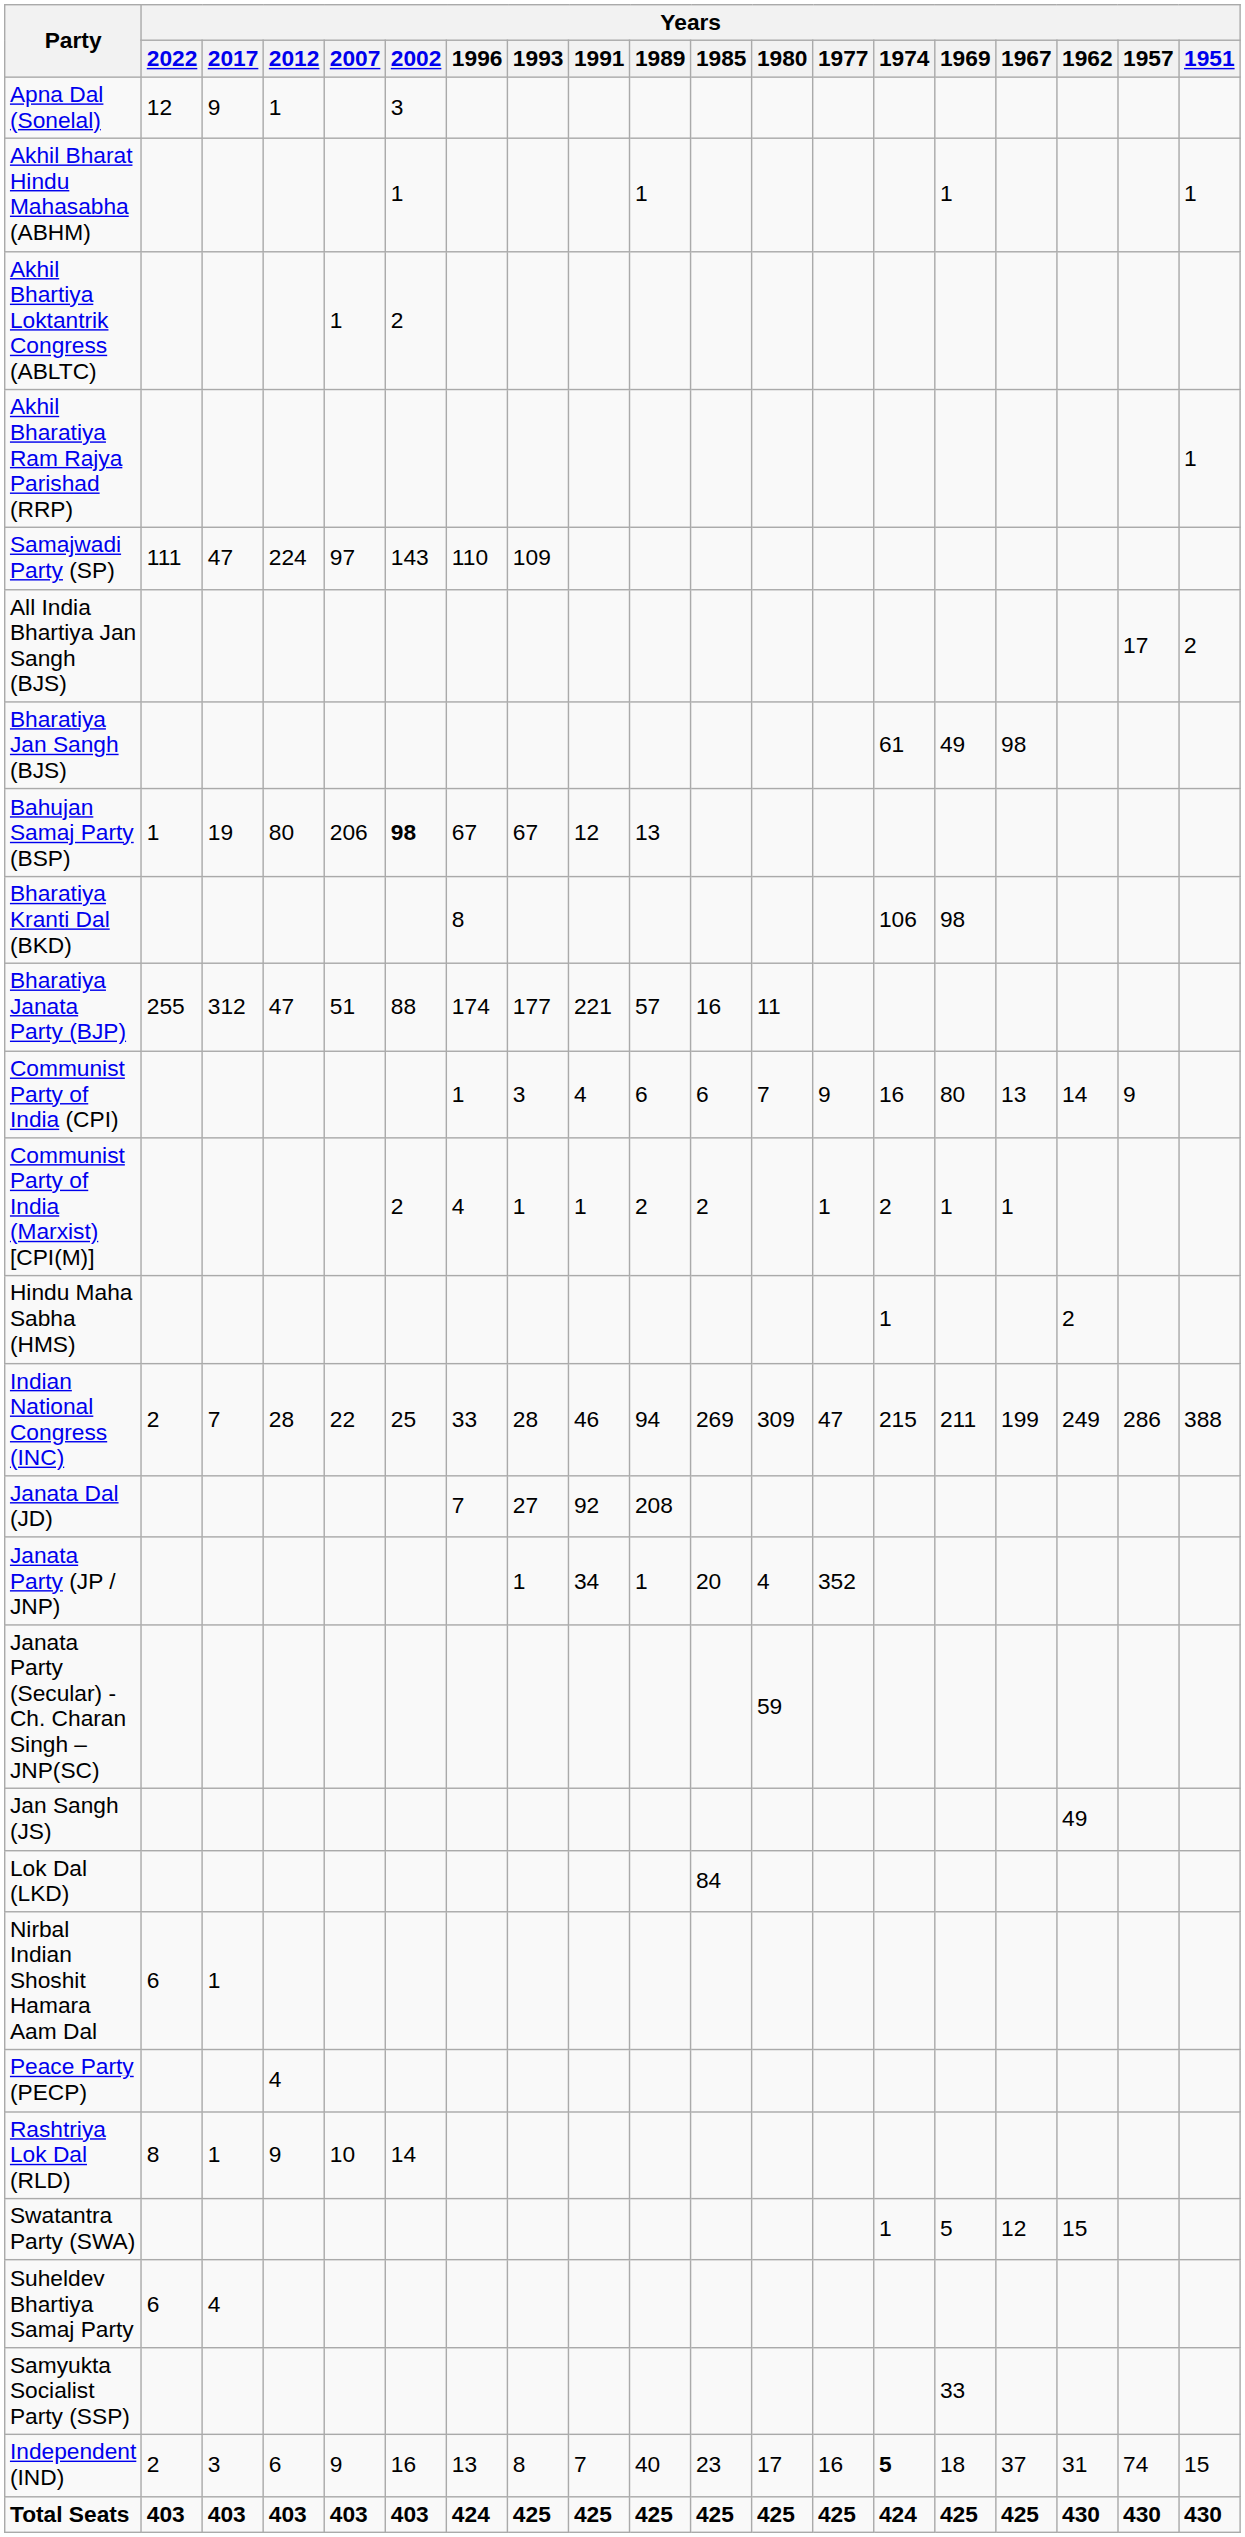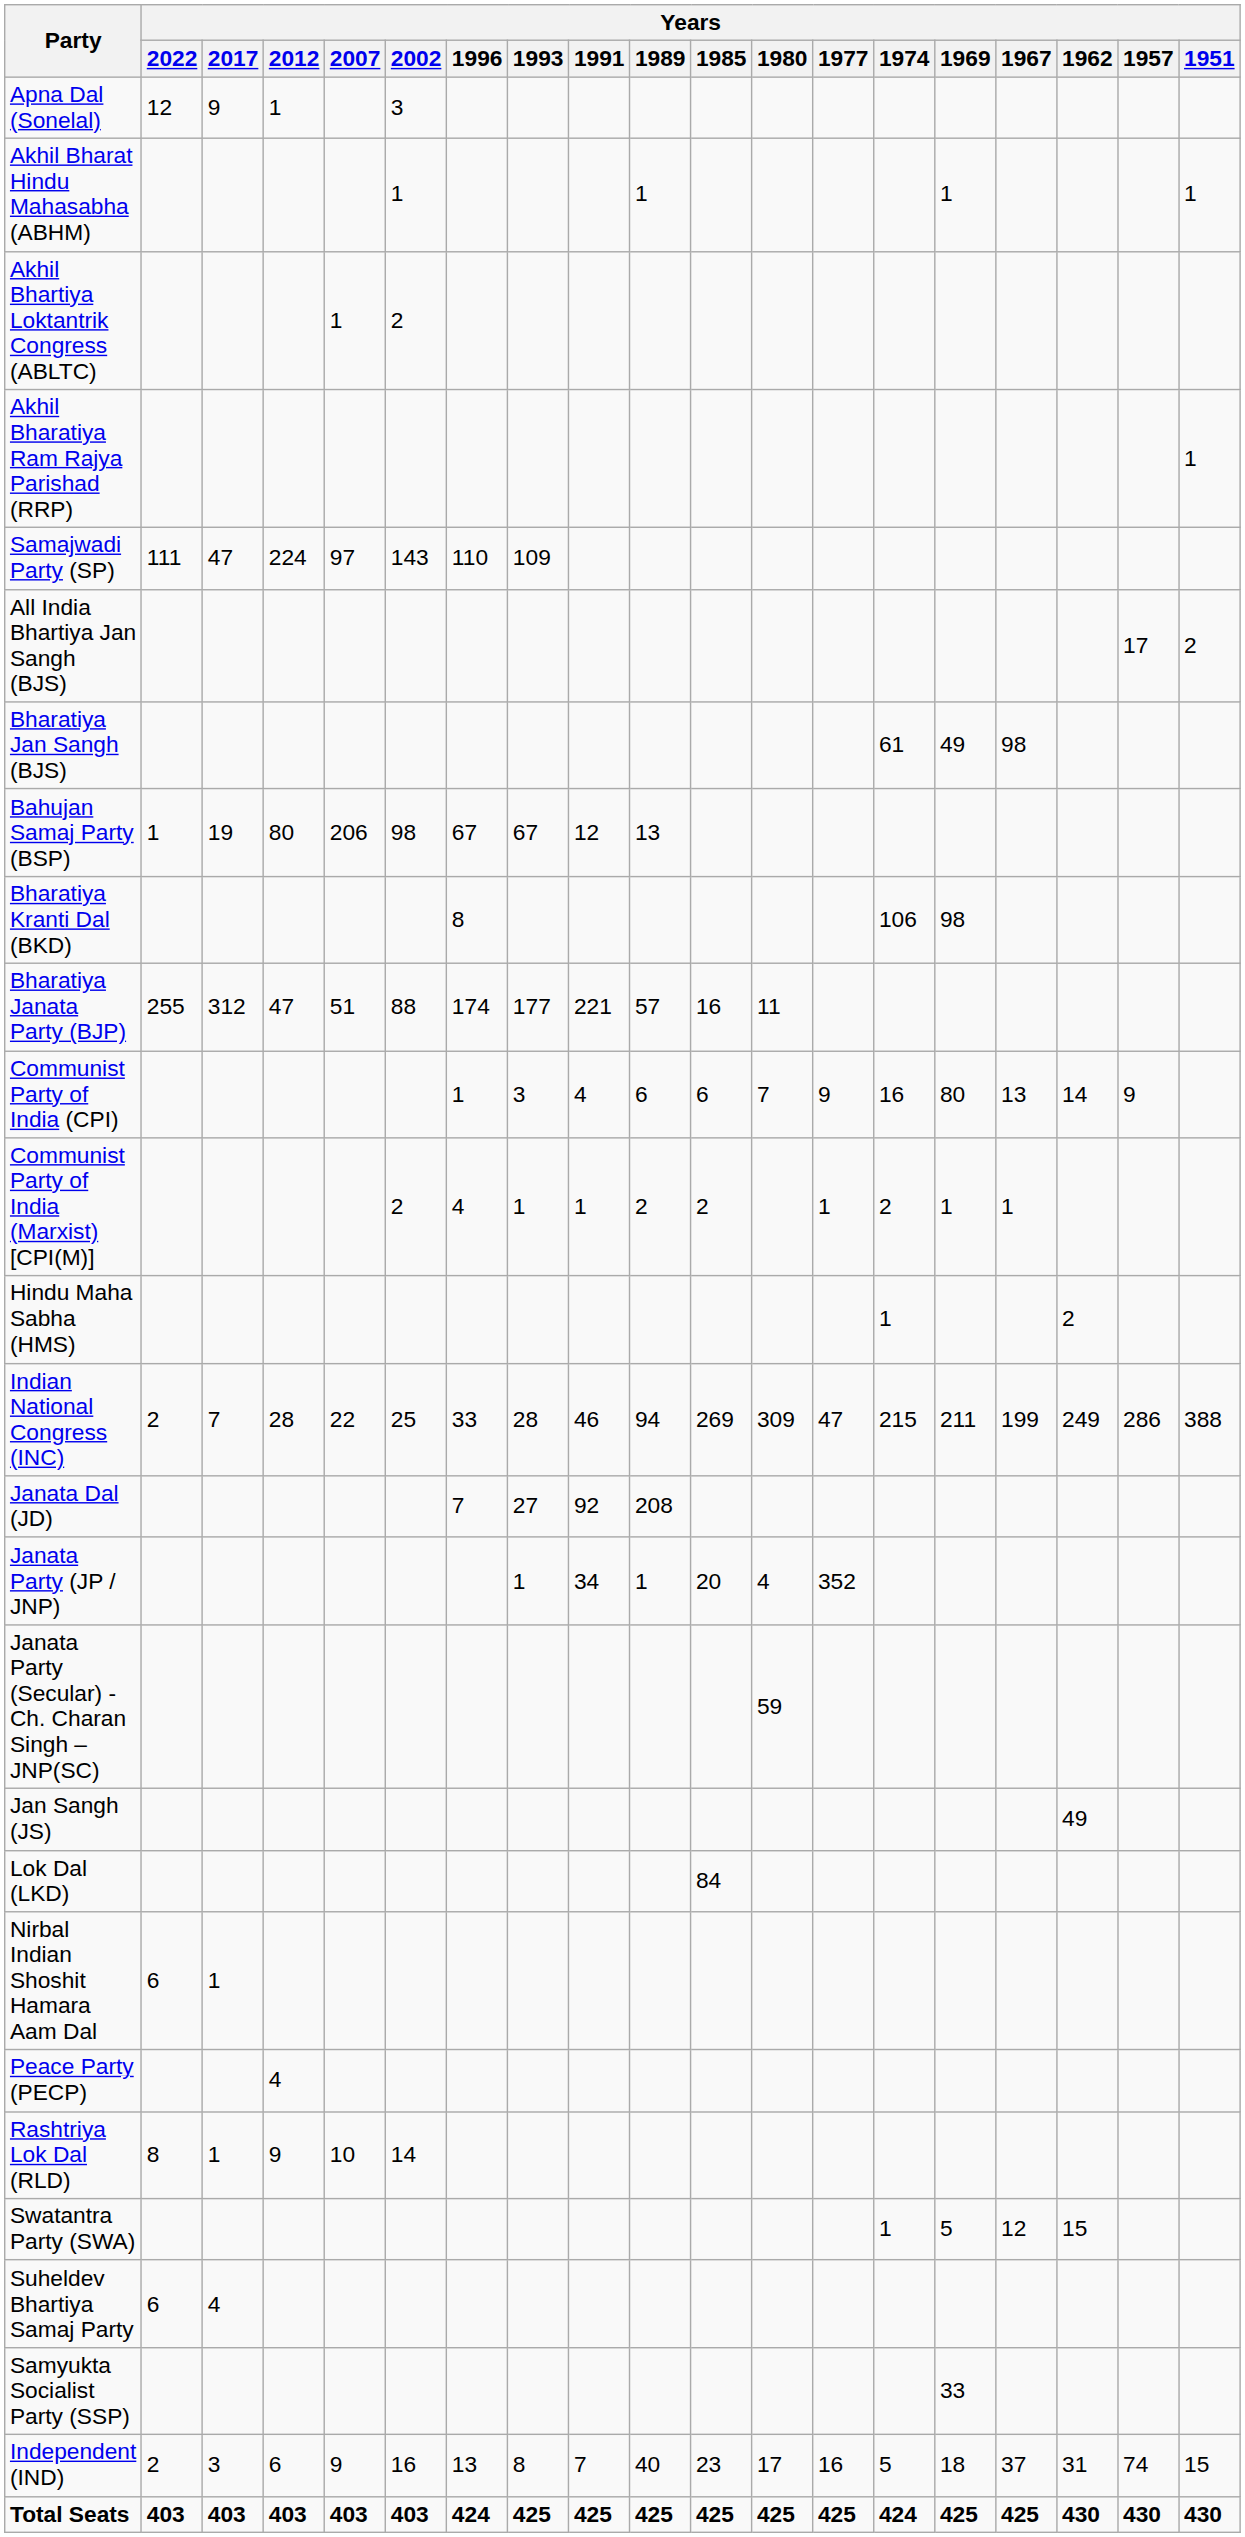 <table class="wikitable sortable">
 <tr>
 <th rowspan="2">Party</th>
 <th colspan="18">Years</th>
 </tr>
 <tr>
 <th><a href='#'>2022</a></th>
 <th><a href='#'>2017</a></th>
 <th><a href='#'>2012</a></th>
 <th><a href='#'>2007</a></th>
 <th><a href='#'>2002</a></th>
 <th>1996</th>
 <th>1993</th>
 <th>1991</th>
 <th>1989</th>
 <th>1985</th>
 <th>1980</th>
 <th>1977</th>
 <th>1974</th>
 <th>1969</th>
 <th>1967</th>
 <th>1962</th>
 <th>1957</th>
 <th><a href='#'>1951</a></th>
 </tr>
 <tr>
 <td><a href='#'>Apna Dal (Sonelal)</a></td>
 <td>12</td>
 <td>9</td>
 <td>1</td>
 <td></td>
 <td>3</td>
 <td></td>
 <td></td>
 <td></td>
 <td></td>
 <td></td>
 <td></td>
 <td></td>
 <td></td>
 <td></td>
 <td></td>
 <td></td>
 <td></td>
 <td></td>
 </tr>
 <tr>
 <td><a href='#'>Akhil Bharat Hindu Mahasabha</a> (ABHM)</td>
 <td></td>
 <td></td>
 <td></td>
 <td></td>
 <td>1</td>
 <td></td>
 <td></td>
 <td></td>
 <td>1</td>
 <td></td>
 <td></td>
 <td></td>
 <td></td>
 <td>1</td>
 <td></td>
 <td></td>
 <td></td>
 <td>1</td>
 </tr>
 <tr>
 <td><a href='#'>Akhil Bhartiya Loktantrik Congress</a> (ABLTC)</td>
 <td></td>
 <td></td>
 <td></td>
 <td>1</td>
 <td>2</td>
 <td></td>
 <td></td>
 <td></td>
 <td></td>
 <td></td>
 <td></td>
 <td></td>
 <td></td>
 <td></td>
 <td></td>
 <td></td>
 <td></td>
 <td></td>
 </tr>
 <tr>
 <td><a href='#'>Akhil Bharatiya Ram Rajya Parishad</a> (RRP)</td>
 <td></td>
 <td></td>
 <td></td>
 <td></td>
 <td></td>
 <td></td>
 <td></td>
 <td></td>
 <td></td>
 <td></td>
 <td></td>
 <td></td>
 <td></td>
 <td></td>
 <td></td>
 <td></td>
 <td></td>
 <td>1</td>
 </tr>
 <tr>
 <td><a href='#'>Samajwadi Party</a> (SP)</td>
 <td>111</td>
 <td>47</td>
 <td>224</td>
 <td>97</td>
 <td>143</td>
 <td>110</td>
 <td>109</td>
 <td></td>
 <td></td>
 <td></td>
 <td></td>
 <td></td>
 <td></td>
 <td></td>
 <td></td>
 <td></td>
 <td></td>
 <td></td>
 </tr>
 <tr>
 <td>All India Bhartiya Jan Sangh (BJS)</td>
 <td></td>
 <td></td>
 <td></td>
 <td></td>
 <td></td>
 <td></td>
 <td></td>
 <td></td>
 <td></td>
 <td></td>
 <td></td>
 <td></td>
 <td></td>
 <td></td>
 <td></td>
 <td></td>
 <td>17</td>
 <td>2</td>
 </tr>
 <tr>
 <td><a href='#'>Bharatiya Jan Sangh</a> (BJS)</td>
 <td></td>
 <td></td>
 <td></td>
 <td></td>
 <td></td>
 <td></td>
 <td></td>
 <td></td>
 <td></td>
 <td></td>
 <td></td>
 <td></td>
 <td>61</td>
 <td>49</td>
 <td>98</td>
 <td></td>
 <td></td>
 <td></td>
 </tr>
 <tr>
 <td><a href='#'>Bahujan Samaj Party</a> (BSP)</td>
 <td>1</td>
 <td>19</td>
 <td>80</td>
 <td>206</td>
-<td><strong>98</strong></td>
+<td>98</td>
 <td>67</td>
 <td>67</td>
 <td>12</td>
 <td>13</td>
 <td></td>
 <td></td>
 <td></td>
 <td></td>
 <td></td>
 <td></td>
 <td></td>
 <td></td>
 <td></td>
 </tr>
 <tr>
 <td><a href='#'>Bharatiya Kranti Dal</a> (BKD)</td>
 <td></td>
 <td></td>
 <td></td>
 <td></td>
 <td></td>
 <td>8</td>
 <td></td>
 <td></td>
 <td></td>
 <td></td>
 <td></td>
 <td></td>
 <td>106</td>
 <td>98</td>
 <td></td>
 <td></td>
 <td></td>
 <td></td>
 </tr>
 <tr>
 <td><a href='#'>Bharatiya Janata Party (BJP)</a></td>
 <td>255</td>
 <td>312</td>
 <td>47</td>
 <td>51</td>
 <td>88</td>
 <td>174</td>
 <td>177</td>
 <td>221</td>
 <td>57</td>
 <td>16</td>
 <td>11</td>
 <td></td>
 <td></td>
 <td></td>
 <td></td>
 <td></td>
 <td></td>
 <td></td>
 </tr>
 <tr>
 <td><a href='#'>Communist Party of India</a> (CPI)</td>
 <td></td>
 <td></td>
 <td></td>
 <td></td>
 <td></td>
 <td>1</td>
 <td>3</td>
 <td>4</td>
 <td>6</td>
 <td>6</td>
 <td>7</td>
 <td>9</td>
 <td>16</td>
 <td>80</td>
 <td>13</td>
 <td>14</td>
 <td>9</td>
 <td></td>
 </tr>
 <tr>
 <td><a href='#'>Communist Party of India (Marxist)</a> [CPI(M)]</td>
 <td></td>
 <td></td>
 <td></td>
 <td></td>
 <td>2</td>
 <td>4</td>
 <td>1</td>
 <td>1</td>
 <td>2</td>
 <td>2</td>
 <td></td>
 <td>1</td>
 <td>2</td>
 <td>1</td>
 <td>1</td>
 <td></td>
 <td></td>
 <td></td>
 </tr>
 <tr>
 <td>Hindu Maha Sabha (HMS)</td>
 <td></td>
 <td></td>
 <td></td>
 <td></td>
 <td></td>
 <td></td>
 <td></td>
 <td></td>
 <td></td>
 <td></td>
 <td></td>
 <td></td>
 <td>1</td>
 <td></td>
 <td></td>
 <td>2</td>
 <td></td>
 <td></td>
 </tr>
 <tr>
 <td><a href='#'>Indian National Congress (INC)</a></td>
 <td>2</td>
 <td>7</td>
 <td>28</td>
 <td>22</td>
 <td>25</td>
 <td>33</td>
 <td>28</td>
 <td>46</td>
 <td>94</td>
 <td>269</td>
 <td>309</td>
 <td>47</td>
 <td>215</td>
 <td>211</td>
 <td>199</td>
 <td>249</td>
 <td>286</td>
 <td>388</td>
 </tr>
 <tr>
 <td><a href='#'>Janata Dal</a> (JD)</td>
 <td></td>
 <td></td>
 <td></td>
 <td></td>
 <td></td>
 <td>7</td>
 <td>27</td>
 <td>92</td>
 <td>208</td>
 <td></td>
 <td></td>
 <td></td>
 <td></td>
 <td></td>
 <td></td>
 <td></td>
 <td></td>
 <td></td>
 </tr>
 <tr>
 <td><a href='#'>Janata Party</a> (JP / JNP)</td>
 <td></td>
 <td></td>
 <td></td>
 <td></td>
 <td></td>
 <td></td>
 <td>1</td>
 <td>34</td>
 <td>1</td>
 <td>20</td>
 <td>4</td>
 <td>352</td>
 <td></td>
 <td></td>
 <td></td>
 <td></td>
 <td></td>
 <td></td>
 </tr>
 <tr>
 <td>Janata Party (Secular) - Ch. Charan Singh – JNP(SC)</td>
 <td></td>
 <td></td>
 <td></td>
 <td></td>
 <td></td>
 <td></td>
 <td></td>
 <td></td>
 <td></td>
 <td></td>
 <td>59</td>
 <td></td>
 <td></td>
 <td></td>
 <td></td>
 <td></td>
 <td></td>
 <td></td>
 </tr>
 <tr>
 <td>Jan Sangh (JS)</td>
 <td></td>
 <td></td>
 <td></td>
 <td></td>
 <td></td>
 <td></td>
 <td></td>
 <td></td>
 <td></td>
 <td></td>
 <td></td>
 <td></td>
 <td></td>
 <td></td>
 <td></td>
 <td>49</td>
 <td></td>
 <td></td>
 </tr>
 <tr>
 <td>Lok Dal (LKD)</td>
 <td></td>
 <td></td>
 <td></td>
 <td></td>
 <td></td>
 <td></td>
 <td></td>
 <td></td>
 <td></td>
 <td>84</td>
 <td></td>
 <td></td>
 <td></td>
 <td></td>
 <td></td>
 <td></td>
 <td></td>
 <td></td>
 </tr>
 <tr>
 <td>Nirbal Indian Shoshit Hamara Aam Dal</td>
 <td>6</td>
 <td>1</td>
 <td></td>
 <td></td>
 <td></td>
 <td></td>
 <td></td>
 <td></td>
 <td></td>
 <td></td>
 <td></td>
 <td></td>
 <td></td>
 <td></td>
 <td></td>
 <td></td>
 <td></td>
 <td></td>
 </tr>
 <tr>
 <td><a href='#'>Peace Party</a> (PECP)</td>
 <td></td>
 <td></td>
 <td>4</td>
 <td></td>
 <td></td>
 <td></td>
 <td></td>
 <td></td>
 <td></td>
 <td></td>
 <td></td>
 <td></td>
 <td></td>
 <td></td>
 <td></td>
 <td></td>
 <td></td>
 <td></td>
 </tr>
 <tr>
 <td><a href='#'>Rashtriya Lok Dal</a> (RLD)</td>
 <td>8</td>
 <td>1</td>
 <td>9</td>
 <td>10</td>
 <td>14</td>
 <td></td>
 <td></td>
 <td></td>
 <td></td>
 <td></td>
 <td></td>
 <td></td>
 <td></td>
 <td></td>
 <td></td>
 <td></td>
 <td></td>
 <td></td>
 </tr>
 <tr>
 <td>Swatantra Party (SWA)</td>
 <td></td>
 <td></td>
 <td></td>
 <td></td>
 <td></td>
 <td></td>
 <td></td>
 <td></td>
 <td></td>
 <td></td>
 <td></td>
 <td></td>
 <td>1</td>
 <td>5</td>
 <td>12</td>
 <td>15</td>
 <td></td>
 <td></td>
 </tr>
 <tr>
 <td>Suheldev Bhartiya Samaj Party</td>
 <td>6</td>
 <td>4</td>
 <td></td>
 <td></td>
 <td></td>
 <td></td>
 <td></td>
 <td></td>
 <td></td>
 <td></td>
 <td></td>
 <td></td>
 <td></td>
 <td></td>
 <td></td>
 <td></td>
 <td></td>
 <td></td>
 </tr>
 <tr>
 <td>Samyukta Socialist Party (SSP)</td>
 <td></td>
 <td></td>
 <td></td>
 <td></td>
 <td></td>
 <td></td>
 <td></td>
 <td></td>
 <td></td>
 <td></td>
 <td></td>
 <td></td>
 <td></td>
 <td>33</td>
 <td></td>
 <td></td>
 <td></td>
 <td></td>
 </tr>
 <tr>
 <td><a href='#'>Independent</a> (IND)</td>
 <td>2</td>
 <td>3</td>
 <td>6</td>
 <td>9</td>
 <td>16</td>
 <td>13</td>
 <td>8</td>
 <td>7</td>
 <td>40</td>
 <td>23</td>
 <td>17</td>
 <td>16</td>
-<td><strong>5</strong></td>
+<td>5</td>
 <td>18</td>
 <td>37</td>
 <td>31</td>
 <td>74</td>
 <td>15</td>
 </tr>
 <tr>
 <td><strong>Total Seats</strong></td>
 <td><strong>403</strong></td>
 <td><strong>403</strong></td>
 <td><strong>403</strong></td>
 <td><strong>403</strong></td>
 <td><strong>403</strong></td>
 <td><strong>424</strong></td>
 <td><strong>425</strong></td>
 <td><strong>425</strong></td>
 <td><strong>425</strong></td>
 <td><strong>425</strong></td>
 <td><strong>425</strong></td>
 <td><strong>425</strong></td>
 <td><strong>424</strong></td>
 <td><strong>425</strong></td>
 <td><strong>425</strong></td>
 <td><strong>430</strong></td>
 <td><strong>430</strong></td>
 <td><strong>430</strong></td>
 </tr>
 </table>
